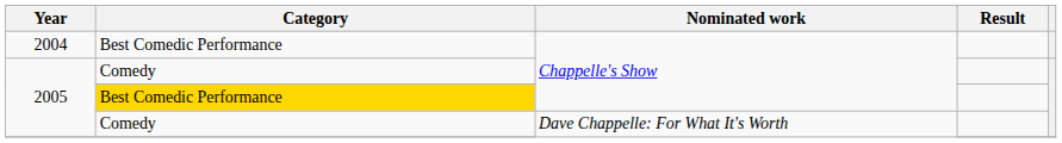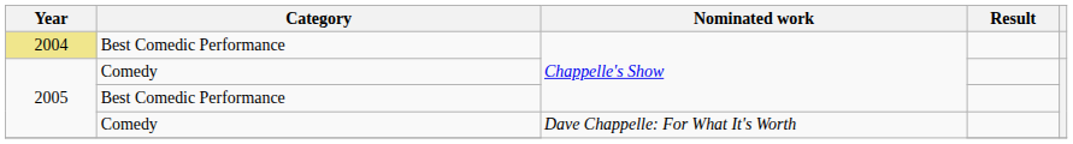 <table class=wikitable>
 <tr>
 <th scope="col" style="width:5em;">Year</th>
 <th scope="col" style="width:26em;">Category</th>
 <th scope="col" style="width:25em;">Nominated work</th>
 <th scope="col" style="width:5em;">Result</th>
 <th></th>
 </tr>
 <tr>
-<td style="text-align:center;">2004</td>
+<td style="background: khaki; text-align:center;">2004</td>
 <td>Best Comedic Performance</td>
 <td rowspan=3><em><a href='#'>Chappelle's Show</a></em></td>
 <td></td>
 <th style="text-align:center;"></th>
 </tr>
 <tr>
 <td style="text-align:center;", rowspan="3">2005</td>
 <td>Comedy</td>
 <td></td>
 <th style="text-align:center;" rowspan="3"></th>
 </tr>
 <tr>
-<td style="background: gold;">Best Comedic Performance</td>
+<td>Best Comedic Performance</td>
 <td></td>
 </tr>
 <tr>
 <td>Comedy</td>
 <td rowspan="2"><em>Dave Chappelle: For What It's Worth</em></td>
 <td></td>
 </tr>
 <tr>
 </tr>
 </table>
